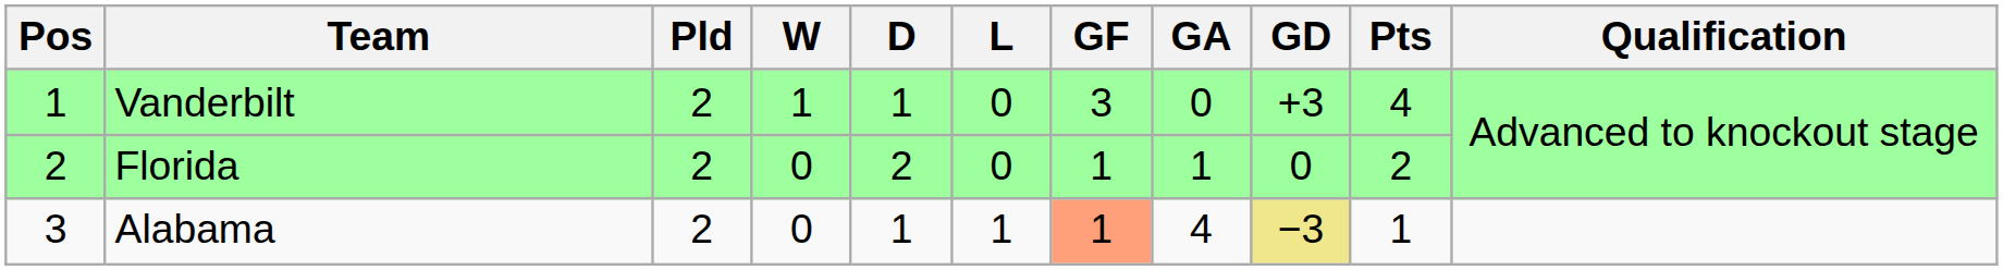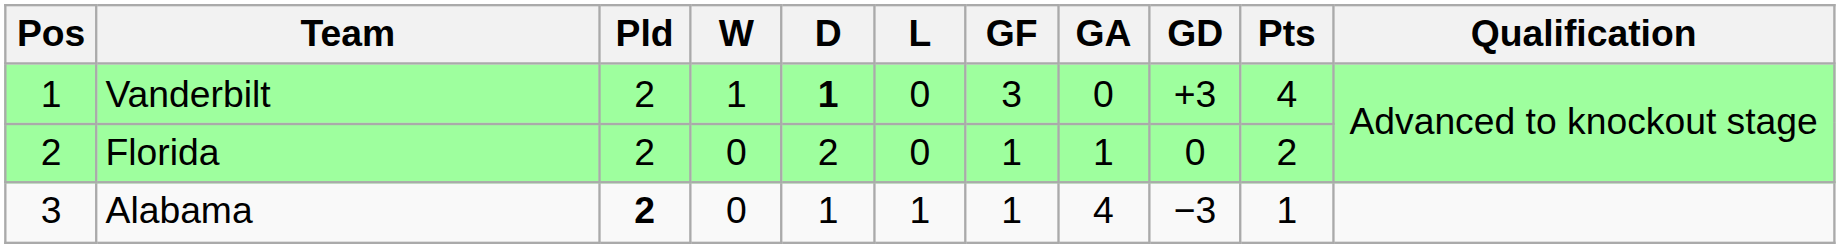 <table class="wikitable" style="text-align:center; margin: 1em auto">
 <tr>
 <th style="width:2em">Pos</th>
 <th style="width:13em">Team</th>
 <th style="width:2em">Pld</th>
 <th style="width:2em">W</th>
 <th style="width:2em">D</th>
 <th style="width:2em">L</th>
 <th style="width:2em">GF</th>
 <th style="width:2em">GA</th>
 <th style="width:2em">GD</th>
 <th style="width:2em">Pts</th>
 <th style="width:13em">Qualification</th>
 </tr>
 <tr bgcolor="#9eff9e">
 <td>1</td>
 <td style="text-align:left">Vanderbilt</td>
 <td>2</td>
 <td>1</td>
-<td>1</td>
+<td><strong>1</strong></td>
 <td>0</td>
 <td>3</td>
 <td>0</td>
 <td>+3</td>
 <td>4</td>
 <td rowspan="2">Advanced to knockout stage</td>
 </tr>
 <tr bgcolor="#9eff9e">
 <td>2</td>
 <td style="text-align:left">Florida</td>
 <td>2</td>
 <td>0</td>
 <td>2</td>
 <td>0</td>
 <td>1</td>
 <td>1</td>
 <td>0</td>
 <td>2</td>
 </tr>
 <tr>
 <td>3</td>
 <td style="text-align:left">Alabama</td>
-<td>2</td>
+<td><strong>2</strong></td>
 <td>0</td>
 <td>1</td>
 <td>1</td>
-<td style="background: lightsalmon;">1</td>
+<td>1</td>
 <td>4</td>
-<td style="background: khaki;">−3</td>
+<td>−3</td>
 <td>1</td>
 <td></td>
 </tr>
 </table>
